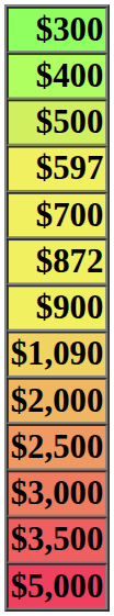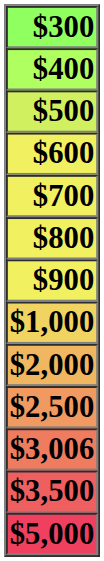 <table border=1 cellspacing=0 cellpadding=1 width=50px|->
 <tr>
 <td bgcolor=#90FF60 align=right><strong>$300</strong></td>
 </tr>
 <tr>
 <td bgcolor=#B0FF60 align=right><strong>$400</strong></td>
 </tr>
 <tr>
 <td bgcolor=#D0F060 align=right><strong>$500</strong></td>
 </tr>
 <tr>
-<td bgcolor=#F0F060 align=right><strong>$597</strong></td>
+<td bgcolor=#F0F060 align=right><strong>$600</strong></td>
 </tr>
 <tr>
 <td bgcolor=#F0F060 align=right><strong>$700</strong></td>
 </tr>
 <tr>
-<td bgcolor=#F0F060 align=right><strong>$872</strong></td>
+<td bgcolor=#F0F060 align=right><strong>$800</strong></td>
 </tr>
 <tr>
 <td bgcolor=#F0F060 align=right><strong>$900</strong></td>
 </tr>
 <tr>
-<td bgcolor=#F0D360 align=right><strong>$1,090</strong></td>
+<td bgcolor=#F0D360 align=right><strong>$1,000</strong></td>
 </tr>
 <tr>
 <td bgcolor=#F0B660 align=right><strong>$2,000</strong></td>
 </tr>
 <tr>
 <td bgcolor=#F09960 align=right><strong>$2,500</strong></td>
 </tr>
 <tr>
-<td bgcolor=#F07C60 align=right><strong>$3,000</strong></td>
+<td bgcolor=#F07C60 align=right><strong>$3,006</strong></td>
 </tr>
 <tr>
 <td bgcolor=#F05F60 align=right><strong>$3,500</strong></td>
 </tr>
 <tr>
 <td bgcolor=#F04060 align=right><strong>$5,000</strong></td>
 </tr>
 </table>
